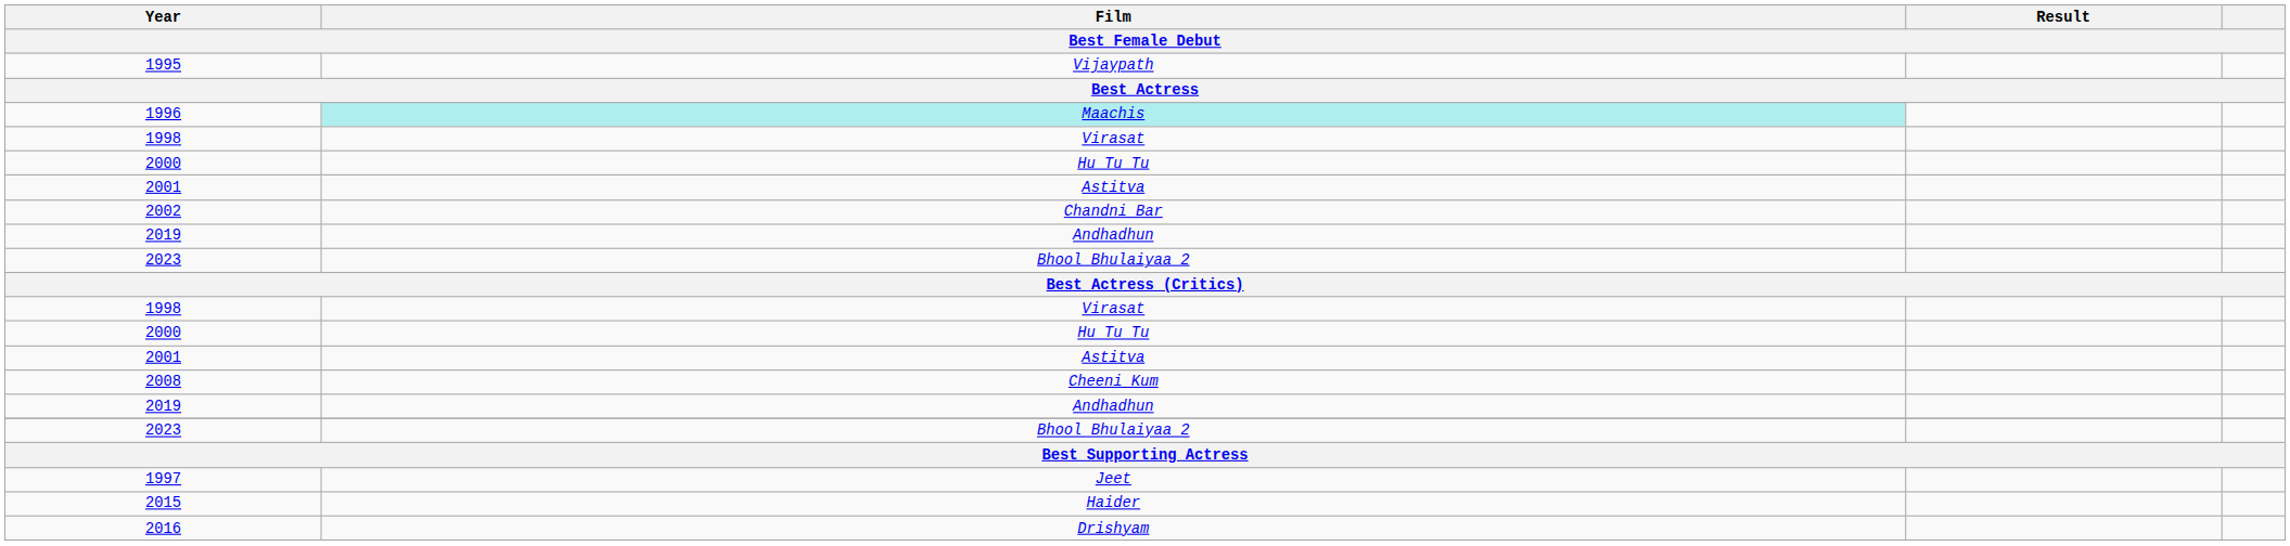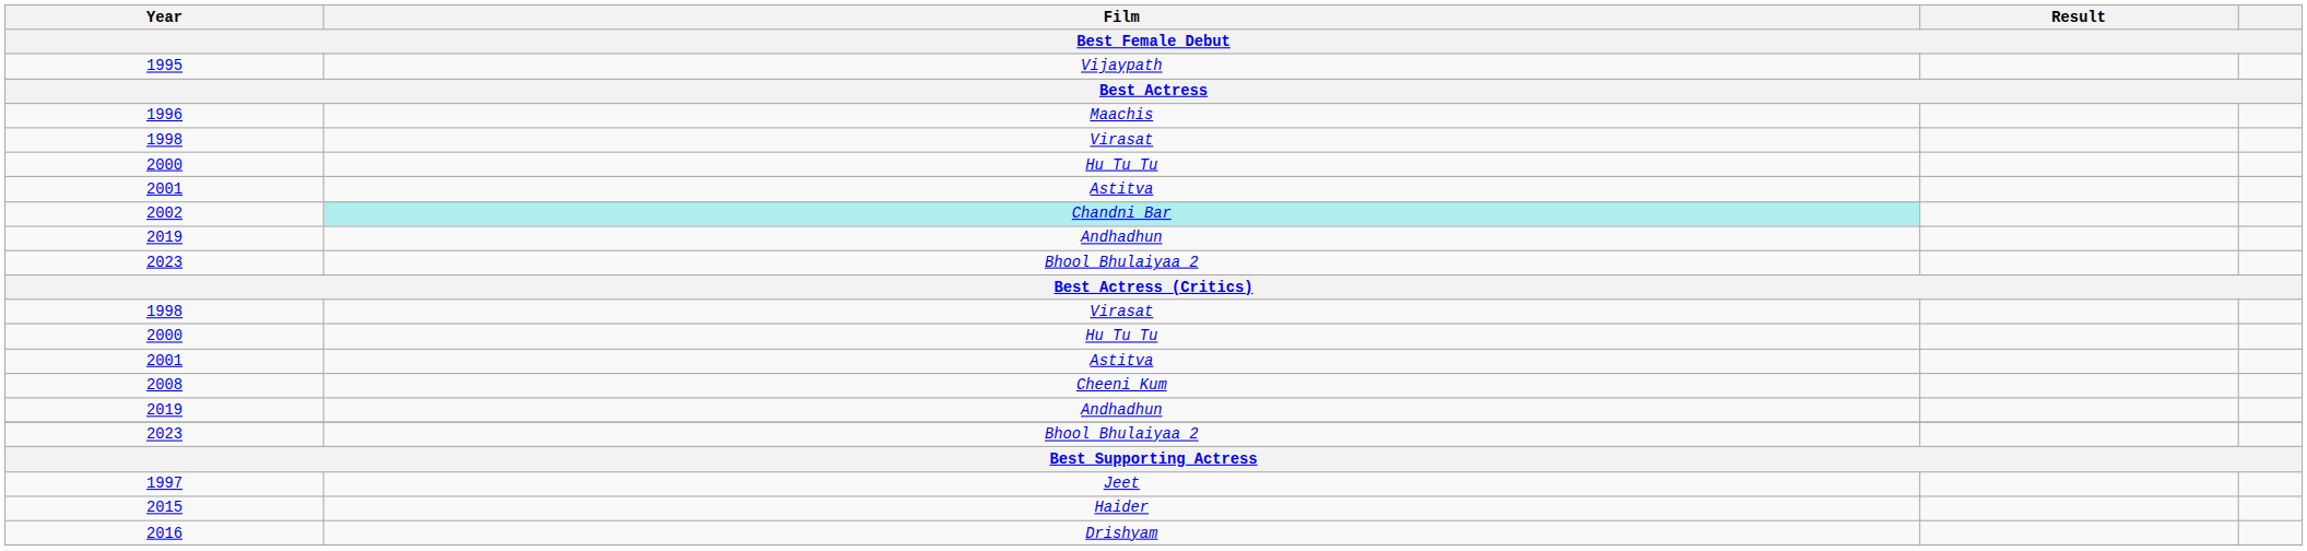 <table class="wikitable sortable" style="width:100%;">
 <tr>
 <th style="width:5%;">Year</th>
 <th style="width:25%;">Film</th>
 <th style="width:5%;">Result</th>
 <th style="width:1%;" class="unsortable"></th>
 </tr>
 <tr>
 <th colspan="5"><a href='#'>Best Female Debut</a></th>
 </tr>
 <tr>
 <td style="text-align:center;"><a href='#'>1995</a></td>
 <td style="text-align:center;"><em><a href='#'>Vijaypath</a></em></td>
 <td></td>
 <td style="text-align:center;"></td>
 </tr>
 <tr>
 <th colspan="6"><a href='#'>Best Actress</a></th>
 </tr>
 <tr>
 <td style="text-align:center;"><a href='#'>1996</a></td>
-<td style="background: paleturquoise; text-align:center;"><em><a href='#'>Maachis</a></em></td>
+<td style="text-align:center;"><em><a href='#'>Maachis</a></em></td>
 <td></td>
 <td style="text-align:center;"></td>
 </tr>
 <tr>
 <td style="text-align:center;"><a href='#'>1998</a></td>
 <td style="text-align:center;"><em><a href='#'>Virasat</a></em></td>
 <td></td>
 <td style="text-align:center;"></td>
 </tr>
 <tr>
 <td style="text-align:center;"><a href='#'>2000</a></td>
 <td style="text-align:center;"><em><a href='#'>Hu Tu Tu</a></em></td>
 <td></td>
 <td style="text-align:center;"></td>
 </tr>
 <tr>
 <td style="text-align:center;"><a href='#'>2001</a></td>
 <td style="text-align:center;"><em><a href='#'>Astitva</a></em></td>
 <td></td>
 <td style="text-align:center;"></td>
 </tr>
 <tr>
 <td style="text-align:center;"><a href='#'>2002</a></td>
-<td style="text-align:center;"><em><a href='#'>Chandni Bar</a></em></td>
+<td style="background: paleturquoise; text-align:center;"><em><a href='#'>Chandni Bar</a></em></td>
 <td></td>
 <td style="text-align:center;"></td>
 </tr>
 <tr>
 <td style="text-align:center;"><a href='#'>2019</a></td>
 <td style="text-align:center;"><em><a href='#'>Andhadhun</a></em></td>
 <td></td>
 <td style="text-align:center;"></td>
 </tr>
 <tr>
 <td style="text-align:center;"><a href='#'>2023</a></td>
 <td style="text-align:center;"><em><a href='#'>Bhool Bhulaiyaa 2</a></em></td>
 <td></td>
 <td style="text-align:center;"></td>
 </tr>
 <tr>
 <th colspan="6"><a href='#'>Best Actress (Critics)</a></th>
 </tr>
 <tr>
 <td style="text-align:center;"><a href='#'>1998</a></td>
 <td style="text-align:center;"><em><a href='#'>Virasat</a></em></td>
 <td></td>
 <td style="text-align:center;"></td>
 </tr>
 <tr>
 <td style="text-align:center;"><a href='#'>2000</a></td>
 <td style="text-align:center;"><em><a href='#'>Hu Tu Tu</a></em></td>
 <td></td>
 <td style="text-align:center;"></td>
 </tr>
 <tr>
 <td style="text-align:center;"><a href='#'>2001</a></td>
 <td style="text-align:center;"><em><a href='#'>Astitva</a></em></td>
 <td></td>
 <td style="text-align:center;"></td>
 </tr>
 <tr>
 <td style="text-align:center;"><a href='#'>2008</a></td>
 <td style="text-align:center;"><em><a href='#'>Cheeni Kum</a></em></td>
 <td></td>
 <td style="text-align:center;"></td>
 </tr>
 <tr>
 <td style="text-align:center;"><a href='#'>2019</a></td>
 <td style="text-align:center;"><em><a href='#'>Andhadhun</a></em></td>
 <td></td>
 <td style="text-align:center;"></td>
 </tr>
 <tr>
 </tr>
 <tr>
 <td style="text-align:center;"><a href='#'>2023</a></td>
 <td style="text-align:center;"><em><a href='#'>Bhool Bhulaiyaa 2</a></em></td>
 <td></td>
 <td style="text-align:center;"></td>
 </tr>
 <tr>
 <th colspan="5"><a href='#'>Best Supporting Actress</a></th>
 </tr>
 <tr>
 <td style="text-align:center;"><a href='#'>1997</a></td>
 <td style="text-align:center;"><em><a href='#'>Jeet</a></em></td>
 <td></td>
 <td style="text-align:center;"></td>
 </tr>
 <tr>
 <td style="text-align:center;"><a href='#'>2015</a></td>
 <td style="text-align:center;"><em><a href='#'>Haider</a></em></td>
 <td></td>
 <td style="text-align:center;"></td>
 </tr>
 <tr>
 <td style="text-align:center;"><a href='#'>2016</a></td>
 <td style="text-align:center;"><em><a href='#'>Drishyam</a></em></td>
 <td></td>
 <td style="text-align:center;"></td>
 </tr>
 <tr>
 </tr>
 </table>
